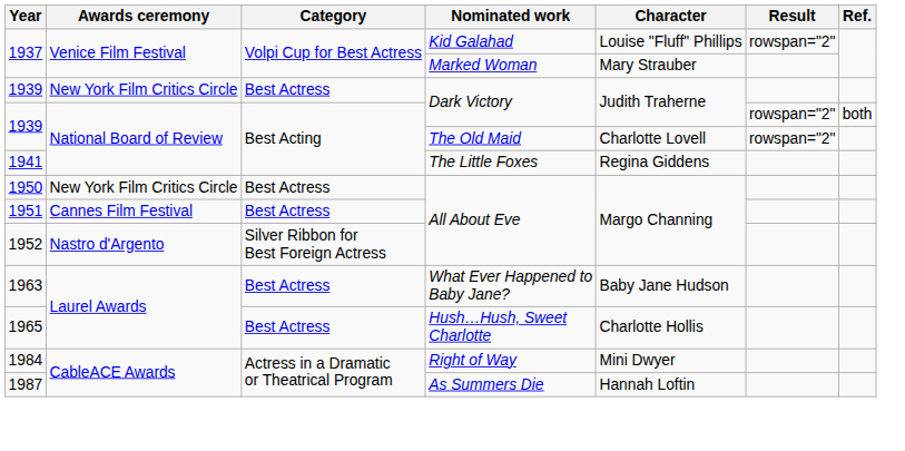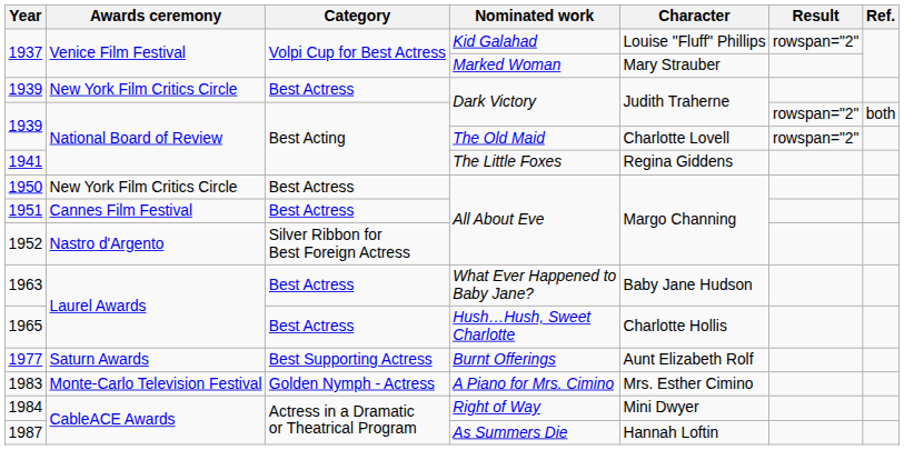 <table class=wikitable>
 <tr>
 <th>Year</th>
 <th>Awards ceremony</th>
 <th>Category</th>
 <th>Nominated work</th>
 <th>Character</th>
 <th>Result</th>
 <th>Ref.</th>
 </tr>
 <tr>
 <td style="text-align:center;" rowspan="2"><a href='#'>1937</a></td>
 <td rowspan="2"><a href='#'>Venice Film Festival</a></td>
 <td rowspan="2"><a href='#'>Volpi Cup for Best Actress</a></td>
 <td><em><a href='#'>Kid Galahad</a></em></td>
 <td>Louise "Fluff" Phillips</td>
 <td>rowspan="2" </td>
 <td style="text-align:center;" rowspan="2"></td>
 </tr>
 <tr>
 <td><em><a href='#'>Marked Woman</a></em></td>
 <td>Mary Strauber</td>
 </tr>
 <tr>
 <td style="text-align:center;"><a href='#'>1939</a></td>
 <td><a href='#'>New York Film Critics Circle</a></td>
 <td><a href='#'>Best Actress</a></td>
 <td rowspan="2"><em>Dark Victory</em></td>
 <td rowspan="2">Judith Traherne</td>
 <td></td>
 <td style="text-align:center;"></td>
 </tr>
 <tr>
 <td style="text-align:center;" rowspan="2"><a href='#'>1939</a></td>
 <td rowspan="3"><a href='#'>National Board of Review</a></td>
 <td rowspan="3">Best Acting</td>
 <td>rowspan="2" </td>
 <td style="text-align:center;">both</td>
 </tr>
 <tr>
 <td><em><a href='#'>The Old Maid</a></em></td>
 <td>Charlotte Lovell</td>
 <td>rowspan="2" </td>
 </tr>
 <tr>
 <td style="text-align:center;"><a href='#'>1941</a></td>
 <td><em>The Little Foxes</em></td>
 <td>Regina Giddens</td>
 <td></td>
 <td style="text-align:center;"></td>
 </tr>
 <tr>
 <td style="text-align:center;"><a href='#'>1950</a></td>
 <td>New York Film Critics Circle</td>
 <td>Best Actress</td>
 <td rowspan="3"><em>All About Eve</em></td>
 <td rowspan="3">Margo Channing</td>
 <td></td>
 <td style="text-align:center;"></td>
 </tr>
 <tr>
 <td style="text-align:center;"><a href='#'>1951</a></td>
 <td><a href='#'>Cannes Film Festival</a></td>
 <td><a href='#'>Best Actress</a></td>
 <td></td>
 <td style="text-align:center;"></td>
 </tr>
 <tr>
 <td style="text-align:center;">1952</td>
 <td><a href='#'>Nastro d'Argento</a></td>
 <td>Silver Ribbon for<br>Best Foreign Actress</td>
 <td></td>
 <td style="text-align:center;"></td>
 </tr>
 <tr>
 <td style="text-align:center;">1963</td>
 <td rowspan="2"><a href='#'>Laurel Awards</a></td>
 <td><a href='#'>Best Actress</a></td>
 <td><em>What Ever Happened to<br>Baby Jane?</em></td>
 <td>Baby Jane Hudson</td>
 <td></td>
 <td style="text-align:center;"><br></td>
 </tr>
 <tr>
 <td style="text-align:center;">1965</td>
 <td><a href='#'>Best Actress</a></td>
 <td><em><a href='#'>Hush…Hush, Sweet<br>Charlotte</a></em></td>
 <td>Charlotte Hollis</td>
 <td></td>
 <td style="text-align:center;"></td>
 </tr>
 <tr>
+<td style="text-align:center;"><a href='#'>1977</a></td>
+<td><a href='#'>Saturn Awards</a></td>
+<td><a href='#'>Best Supporting Actress</a></td>
+<td><em><a href='#'>Burnt Offerings</a></em></td>
+<td>Aunt Elizabeth Rolf</td>
+<td></td>
+<td style="text-align:center;"></td>
+</tr>
+<tr>
+<td style="text-align:center;">1983</td>
+<td><a href='#'>Monte-Carlo Television Festival</a></td>
+<td><a href='#'>Golden Nymph - Actress</a></td>
+<td><em><a href='#'>A Piano for Mrs. Cimino</a></em></td>
+<td>Mrs. Esther Cimino</td>
+<td></td>
+<td style="text-align:center;"></td>
+</tr>
+<tr>
 <td style="text-align:center;">1984</td>
 <td rowspan="2"><a href='#'>CableACE Awards</a></td>
 <td rowspan="2">Actress in a Dramatic<br>or Theatrical Program</td>
 <td><em><a href='#'>Right of Way</a></em></td>
 <td>Mini Dwyer</td>
 <td></td>
 <td style="text-align:center;"></td>
 </tr>
 <tr>
 <td style="text-align:center;">1987</td>
 <td><em><a href='#'>As Summers Die</a></em></td>
 <td>Hannah Loftin</td>
 <td></td>
 <td style="text-align:center;"></td>
 </tr>
 </table>
